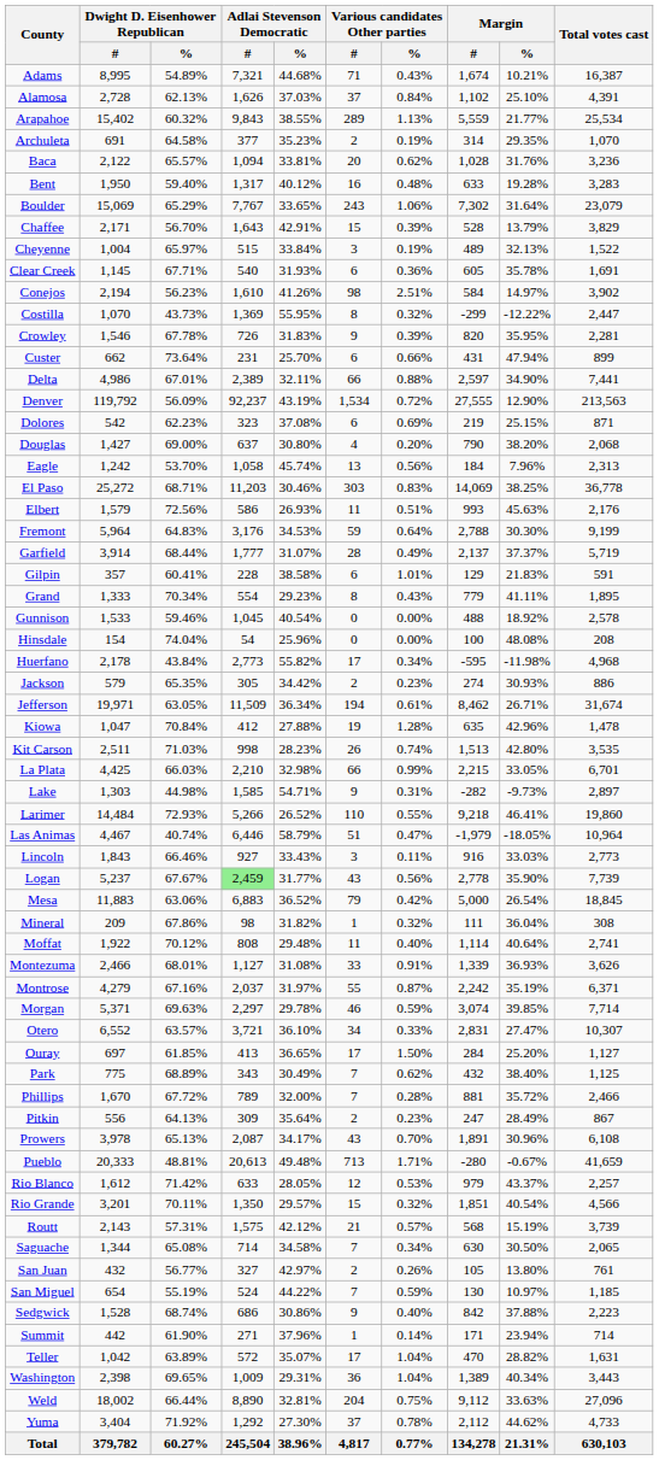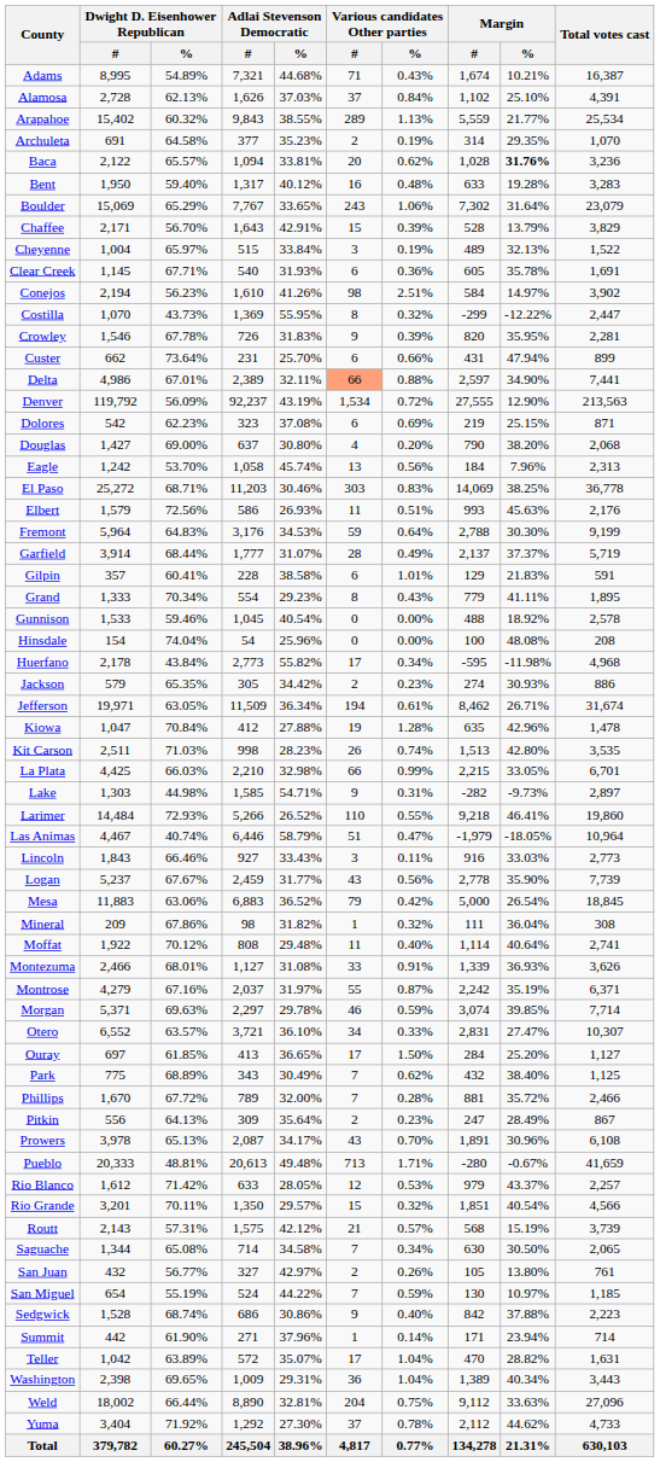 <table width="60%"  class="wikitable sortable" style="text-align:center">
 <tr>
 <th style="text-align:center;" rowspan="2">County</th>
 <th style="text-align:center;" colspan="2">Dwight D. Eisenhower<br>Republican</th>
 <th style="text-align:center;" colspan="2">Adlai Stevenson<br>Democratic</th>
 <th style="text-align:center;" colspan="2">Various candidates<br>Other parties</th>
 <th style="text-align:center;" colspan="2">Margin</th>
 <th style="text-align:center;" rowspan="2">Total votes cast</th>
 </tr>
 <tr>
 <th style="text-align:center;" data-sort-type="number">#</th>
 <th style="text-align:center;" data-sort-type="number">%</th>
 <th style="text-align:center;" data-sort-type="number">#</th>
 <th style="text-align:center;" data-sort-type="number">%</th>
 <th style="text-align:center;" data-sort-type="number">#</th>
 <th style="text-align:center;" data-sort-type="number">%</th>
 <th style="text-align:center;" data-sort-type="number">#</th>
 <th style="text-align:center;" data-sort-type="number">%</th>
 </tr>
 <tr style="text-align:center;">
 <td><a href='#'>Adams</a></td>
 <td>8,995</td>
 <td>54.89%</td>
 <td>7,321</td>
 <td>44.68%</td>
 <td>71</td>
 <td>0.43%</td>
 <td>1,674</td>
 <td>10.21%</td>
 <td>16,387</td>
 </tr>
 <tr style="text-align:center;">
 <td><a href='#'>Alamosa</a></td>
 <td>2,728</td>
 <td>62.13%</td>
 <td>1,626</td>
 <td>37.03%</td>
 <td>37</td>
 <td>0.84%</td>
 <td>1,102</td>
 <td>25.10%</td>
 <td>4,391</td>
 </tr>
 <tr style="text-align:center;">
 <td><a href='#'>Arapahoe</a></td>
 <td>15,402</td>
 <td>60.32%</td>
 <td>9,843</td>
 <td>38.55%</td>
 <td>289</td>
 <td>1.13%</td>
 <td>5,559</td>
 <td>21.77%</td>
 <td>25,534</td>
 </tr>
 <tr style="text-align:center;">
 <td><a href='#'>Archuleta</a></td>
 <td>691</td>
 <td>64.58%</td>
 <td>377</td>
 <td>35.23%</td>
 <td>2</td>
 <td>0.19%</td>
 <td>314</td>
 <td>29.35%</td>
 <td>1,070</td>
 </tr>
 <tr style="text-align:center;">
 <td><a href='#'>Baca</a></td>
 <td>2,122</td>
 <td>65.57%</td>
 <td>1,094</td>
 <td>33.81%</td>
 <td>20</td>
 <td>0.62%</td>
 <td>1,028</td>
-<td>31.76%</td>
+<td><strong>31.76%</strong></td>
 <td>3,236</td>
 </tr>
 <tr style="text-align:center;">
 <td><a href='#'>Bent</a></td>
 <td>1,950</td>
 <td>59.40%</td>
 <td>1,317</td>
 <td>40.12%</td>
 <td>16</td>
 <td>0.48%</td>
 <td>633</td>
 <td>19.28%</td>
 <td>3,283</td>
 </tr>
 <tr style="text-align:center;">
 <td><a href='#'>Boulder</a></td>
 <td>15,069</td>
 <td>65.29%</td>
 <td>7,767</td>
 <td>33.65%</td>
 <td>243</td>
 <td>1.06%</td>
 <td>7,302</td>
 <td>31.64%</td>
 <td>23,079</td>
 </tr>
 <tr style="text-align:center;">
 <td><a href='#'>Chaffee</a></td>
 <td>2,171</td>
 <td>56.70%</td>
 <td>1,643</td>
 <td>42.91%</td>
 <td>15</td>
 <td>0.39%</td>
 <td>528</td>
 <td>13.79%</td>
 <td>3,829</td>
 </tr>
 <tr style="text-align:center;">
 <td><a href='#'>Cheyenne</a></td>
 <td>1,004</td>
 <td>65.97%</td>
 <td>515</td>
 <td>33.84%</td>
 <td>3</td>
 <td>0.19%</td>
 <td>489</td>
 <td>32.13%</td>
 <td>1,522</td>
 </tr>
 <tr style="text-align:center;">
 <td><a href='#'>Clear Creek</a></td>
 <td>1,145</td>
 <td>67.71%</td>
 <td>540</td>
 <td>31.93%</td>
 <td>6</td>
 <td>0.36%</td>
 <td>605</td>
 <td>35.78%</td>
 <td>1,691</td>
 </tr>
 <tr style="text-align:center;">
 <td><a href='#'>Conejos</a></td>
 <td>2,194</td>
 <td>56.23%</td>
 <td>1,610</td>
 <td>41.26%</td>
 <td>98</td>
 <td>2.51%</td>
 <td>584</td>
 <td>14.97%</td>
 <td>3,902</td>
 </tr>
 <tr style="text-align:center;">
 <td><a href='#'>Costilla</a></td>
 <td>1,070</td>
 <td>43.73%</td>
 <td>1,369</td>
 <td>55.95%</td>
 <td>8</td>
 <td>0.32%</td>
 <td>-299</td>
 <td>-12.22%</td>
 <td>2,447</td>
 </tr>
 <tr style="text-align:center;">
 <td><a href='#'>Crowley</a></td>
 <td>1,546</td>
 <td>67.78%</td>
 <td>726</td>
 <td>31.83%</td>
 <td>9</td>
 <td>0.39%</td>
 <td>820</td>
 <td>35.95%</td>
 <td>2,281</td>
 </tr>
 <tr style="text-align:center;">
 <td><a href='#'>Custer</a></td>
 <td>662</td>
 <td>73.64%</td>
 <td>231</td>
 <td>25.70%</td>
 <td>6</td>
 <td>0.66%</td>
 <td>431</td>
 <td>47.94%</td>
 <td>899</td>
 </tr>
 <tr style="text-align:center;">
 <td><a href='#'>Delta</a></td>
 <td>4,986</td>
 <td>67.01%</td>
 <td>2,389</td>
 <td>32.11%</td>
-<td>66</td>
+<td style="background: lightsalmon;">66</td>
 <td>0.88%</td>
 <td>2,597</td>
 <td>34.90%</td>
 <td>7,441</td>
 </tr>
 <tr style="text-align:center;">
 <td><a href='#'>Denver</a></td>
 <td>119,792</td>
 <td>56.09%</td>
 <td>92,237</td>
 <td>43.19%</td>
 <td>1,534</td>
 <td>0.72%</td>
 <td>27,555</td>
 <td>12.90%</td>
 <td>213,563</td>
 </tr>
 <tr style="text-align:center;">
 <td><a href='#'>Dolores</a></td>
 <td>542</td>
 <td>62.23%</td>
 <td>323</td>
 <td>37.08%</td>
 <td>6</td>
 <td>0.69%</td>
 <td>219</td>
 <td>25.15%</td>
 <td>871</td>
 </tr>
 <tr style="text-align:center;">
 <td><a href='#'>Douglas</a></td>
 <td>1,427</td>
 <td>69.00%</td>
 <td>637</td>
 <td>30.80%</td>
 <td>4</td>
 <td>0.20%</td>
 <td>790</td>
 <td>38.20%</td>
 <td>2,068</td>
 </tr>
 <tr style="text-align:center;">
 <td><a href='#'>Eagle</a></td>
 <td>1,242</td>
 <td>53.70%</td>
 <td>1,058</td>
 <td>45.74%</td>
 <td>13</td>
 <td>0.56%</td>
 <td>184</td>
 <td>7.96%</td>
 <td>2,313</td>
 </tr>
 <tr style="text-align:center;">
 <td><a href='#'>El Paso</a></td>
 <td>25,272</td>
 <td>68.71%</td>
 <td>11,203</td>
 <td>30.46%</td>
 <td>303</td>
 <td>0.83%</td>
 <td>14,069</td>
 <td>38.25%</td>
 <td>36,778</td>
 </tr>
 <tr style="text-align:center;">
 <td><a href='#'>Elbert</a></td>
 <td>1,579</td>
 <td>72.56%</td>
 <td>586</td>
 <td>26.93%</td>
 <td>11</td>
 <td>0.51%</td>
 <td>993</td>
 <td>45.63%</td>
 <td>2,176</td>
 </tr>
 <tr style="text-align:center;">
 <td><a href='#'>Fremont</a></td>
 <td>5,964</td>
 <td>64.83%</td>
 <td>3,176</td>
 <td>34.53%</td>
 <td>59</td>
 <td>0.64%</td>
 <td>2,788</td>
 <td>30.30%</td>
 <td>9,199</td>
 </tr>
 <tr style="text-align:center;">
 <td><a href='#'>Garfield</a></td>
 <td>3,914</td>
 <td>68.44%</td>
 <td>1,777</td>
 <td>31.07%</td>
 <td>28</td>
 <td>0.49%</td>
 <td>2,137</td>
 <td>37.37%</td>
 <td>5,719</td>
 </tr>
 <tr style="text-align:center;">
 <td><a href='#'>Gilpin</a></td>
 <td>357</td>
 <td>60.41%</td>
 <td>228</td>
 <td>38.58%</td>
 <td>6</td>
 <td>1.01%</td>
 <td>129</td>
 <td>21.83%</td>
 <td>591</td>
 </tr>
 <tr style="text-align:center;">
 <td><a href='#'>Grand</a></td>
 <td>1,333</td>
 <td>70.34%</td>
 <td>554</td>
 <td>29.23%</td>
 <td>8</td>
 <td>0.43%</td>
 <td>779</td>
 <td>41.11%</td>
 <td>1,895</td>
 </tr>
 <tr style="text-align:center;">
 <td><a href='#'>Gunnison</a></td>
 <td>1,533</td>
 <td>59.46%</td>
 <td>1,045</td>
 <td>40.54%</td>
 <td>0</td>
 <td>0.00%</td>
 <td>488</td>
 <td>18.92%</td>
 <td>2,578</td>
 </tr>
 <tr style="text-align:center;">
 <td><a href='#'>Hinsdale</a></td>
 <td>154</td>
 <td>74.04%</td>
 <td>54</td>
 <td>25.96%</td>
 <td>0</td>
 <td>0.00%</td>
 <td>100</td>
 <td>48.08%</td>
 <td>208</td>
 </tr>
 <tr style="text-align:center;">
 <td><a href='#'>Huerfano</a></td>
 <td>2,178</td>
 <td>43.84%</td>
 <td>2,773</td>
 <td>55.82%</td>
 <td>17</td>
 <td>0.34%</td>
 <td>-595</td>
 <td>-11.98%</td>
 <td>4,968</td>
 </tr>
 <tr style="text-align:center;">
 <td><a href='#'>Jackson</a></td>
 <td>579</td>
 <td>65.35%</td>
 <td>305</td>
 <td>34.42%</td>
 <td>2</td>
 <td>0.23%</td>
 <td>274</td>
 <td>30.93%</td>
 <td>886</td>
 </tr>
 <tr style="text-align:center;">
 <td><a href='#'>Jefferson</a></td>
 <td>19,971</td>
 <td>63.05%</td>
 <td>11,509</td>
 <td>36.34%</td>
 <td>194</td>
 <td>0.61%</td>
 <td>8,462</td>
 <td>26.71%</td>
 <td>31,674</td>
 </tr>
 <tr style="text-align:center;">
 <td><a href='#'>Kiowa</a></td>
 <td>1,047</td>
 <td>70.84%</td>
 <td>412</td>
 <td>27.88%</td>
 <td>19</td>
 <td>1.28%</td>
 <td>635</td>
 <td>42.96%</td>
 <td>1,478</td>
 </tr>
 <tr style="text-align:center;">
 <td><a href='#'>Kit Carson</a></td>
 <td>2,511</td>
 <td>71.03%</td>
 <td>998</td>
 <td>28.23%</td>
 <td>26</td>
 <td>0.74%</td>
 <td>1,513</td>
 <td>42.80%</td>
 <td>3,535</td>
 </tr>
 <tr style="text-align:center;">
 <td><a href='#'>La Plata</a></td>
 <td>4,425</td>
 <td>66.03%</td>
 <td>2,210</td>
 <td>32.98%</td>
 <td>66</td>
 <td>0.99%</td>
 <td>2,215</td>
 <td>33.05%</td>
 <td>6,701</td>
 </tr>
 <tr style="text-align:center;">
 <td><a href='#'>Lake</a></td>
 <td>1,303</td>
 <td>44.98%</td>
 <td>1,585</td>
 <td>54.71%</td>
 <td>9</td>
 <td>0.31%</td>
 <td>-282</td>
 <td>-9.73%</td>
 <td>2,897</td>
 </tr>
 <tr style="text-align:center;">
 <td><a href='#'>Larimer</a></td>
 <td>14,484</td>
 <td>72.93%</td>
 <td>5,266</td>
 <td>26.52%</td>
 <td>110</td>
 <td>0.55%</td>
 <td>9,218</td>
 <td>46.41%</td>
 <td>19,860</td>
 </tr>
 <tr style="text-align:center;">
 <td><a href='#'>Las Animas</a></td>
 <td>4,467</td>
 <td>40.74%</td>
 <td>6,446</td>
 <td>58.79%</td>
 <td>51</td>
 <td>0.47%</td>
 <td>-1,979</td>
 <td>-18.05%</td>
 <td>10,964</td>
 </tr>
 <tr style="text-align:center;">
 <td><a href='#'>Lincoln</a></td>
 <td>1,843</td>
 <td>66.46%</td>
 <td>927</td>
 <td>33.43%</td>
 <td>3</td>
 <td>0.11%</td>
 <td>916</td>
 <td>33.03%</td>
 <td>2,773</td>
 </tr>
 <tr style="text-align:center;">
 <td><a href='#'>Logan</a></td>
 <td>5,237</td>
 <td>67.67%</td>
-<td style="background: lightgreen;">2,459</td>
+<td>2,459</td>
 <td>31.77%</td>
 <td>43</td>
 <td>0.56%</td>
 <td>2,778</td>
 <td>35.90%</td>
 <td>7,739</td>
 </tr>
 <tr style="text-align:center;">
 <td><a href='#'>Mesa</a></td>
 <td>11,883</td>
 <td>63.06%</td>
 <td>6,883</td>
 <td>36.52%</td>
 <td>79</td>
 <td>0.42%</td>
 <td>5,000</td>
 <td>26.54%</td>
 <td>18,845</td>
 </tr>
 <tr style="text-align:center;">
 <td><a href='#'>Mineral</a></td>
 <td>209</td>
 <td>67.86%</td>
 <td>98</td>
 <td>31.82%</td>
 <td>1</td>
 <td>0.32%</td>
 <td>111</td>
 <td>36.04%</td>
 <td>308</td>
 </tr>
 <tr style="text-align:center;">
 <td><a href='#'>Moffat</a></td>
 <td>1,922</td>
 <td>70.12%</td>
 <td>808</td>
 <td>29.48%</td>
 <td>11</td>
 <td>0.40%</td>
 <td>1,114</td>
 <td>40.64%</td>
 <td>2,741</td>
 </tr>
 <tr style="text-align:center;">
 <td><a href='#'>Montezuma</a></td>
 <td>2,466</td>
 <td>68.01%</td>
 <td>1,127</td>
 <td>31.08%</td>
 <td>33</td>
 <td>0.91%</td>
 <td>1,339</td>
 <td>36.93%</td>
 <td>3,626</td>
 </tr>
 <tr style="text-align:center;">
 <td><a href='#'>Montrose</a></td>
 <td>4,279</td>
 <td>67.16%</td>
 <td>2,037</td>
 <td>31.97%</td>
 <td>55</td>
 <td>0.87%</td>
 <td>2,242</td>
 <td>35.19%</td>
 <td>6,371</td>
 </tr>
 <tr style="text-align:center;">
 <td><a href='#'>Morgan</a></td>
 <td>5,371</td>
 <td>69.63%</td>
 <td>2,297</td>
 <td>29.78%</td>
 <td>46</td>
 <td>0.59%</td>
 <td>3,074</td>
 <td>39.85%</td>
 <td>7,714</td>
 </tr>
 <tr style="text-align:center;">
 <td><a href='#'>Otero</a></td>
 <td>6,552</td>
 <td>63.57%</td>
 <td>3,721</td>
 <td>36.10%</td>
 <td>34</td>
 <td>0.33%</td>
 <td>2,831</td>
 <td>27.47%</td>
 <td>10,307</td>
 </tr>
 <tr style="text-align:center;">
 <td><a href='#'>Ouray</a></td>
 <td>697</td>
 <td>61.85%</td>
 <td>413</td>
 <td>36.65%</td>
 <td>17</td>
 <td>1.50%</td>
 <td>284</td>
 <td>25.20%</td>
 <td>1,127</td>
 </tr>
 <tr style="text-align:center;">
 <td><a href='#'>Park</a></td>
 <td>775</td>
 <td>68.89%</td>
 <td>343</td>
 <td>30.49%</td>
 <td>7</td>
 <td>0.62%</td>
 <td>432</td>
 <td>38.40%</td>
 <td>1,125</td>
 </tr>
 <tr style="text-align:center;">
 <td><a href='#'>Phillips</a></td>
 <td>1,670</td>
 <td>67.72%</td>
 <td>789</td>
 <td>32.00%</td>
 <td>7</td>
 <td>0.28%</td>
 <td>881</td>
 <td>35.72%</td>
 <td>2,466</td>
 </tr>
 <tr style="text-align:center;">
 <td><a href='#'>Pitkin</a></td>
 <td>556</td>
 <td>64.13%</td>
 <td>309</td>
 <td>35.64%</td>
 <td>2</td>
 <td>0.23%</td>
 <td>247</td>
 <td>28.49%</td>
 <td>867</td>
 </tr>
 <tr style="text-align:center;">
 <td><a href='#'>Prowers</a></td>
 <td>3,978</td>
 <td>65.13%</td>
 <td>2,087</td>
 <td>34.17%</td>
 <td>43</td>
 <td>0.70%</td>
 <td>1,891</td>
 <td>30.96%</td>
 <td>6,108</td>
 </tr>
 <tr style="text-align:center;">
 <td><a href='#'>Pueblo</a></td>
 <td>20,333</td>
 <td>48.81%</td>
 <td>20,613</td>
 <td>49.48%</td>
 <td>713</td>
 <td>1.71%</td>
 <td>-280</td>
 <td>-0.67%</td>
 <td>41,659</td>
 </tr>
 <tr style="text-align:center;">
 <td><a href='#'>Rio Blanco</a></td>
 <td>1,612</td>
 <td>71.42%</td>
 <td>633</td>
 <td>28.05%</td>
 <td>12</td>
 <td>0.53%</td>
 <td>979</td>
 <td>43.37%</td>
 <td>2,257</td>
 </tr>
 <tr style="text-align:center;">
 <td><a href='#'>Rio Grande</a></td>
 <td>3,201</td>
 <td>70.11%</td>
 <td>1,350</td>
 <td>29.57%</td>
 <td>15</td>
 <td>0.32%</td>
 <td>1,851</td>
 <td>40.54%</td>
 <td>4,566</td>
 </tr>
 <tr style="text-align:center;">
 <td><a href='#'>Routt</a></td>
 <td>2,143</td>
 <td>57.31%</td>
 <td>1,575</td>
 <td>42.12%</td>
 <td>21</td>
 <td>0.57%</td>
 <td>568</td>
 <td>15.19%</td>
 <td>3,739</td>
 </tr>
 <tr style="text-align:center;">
 <td><a href='#'>Saguache</a></td>
 <td>1,344</td>
 <td>65.08%</td>
 <td>714</td>
 <td>34.58%</td>
 <td>7</td>
 <td>0.34%</td>
 <td>630</td>
 <td>30.50%</td>
 <td>2,065</td>
 </tr>
 <tr style="text-align:center;">
 <td><a href='#'>San Juan</a></td>
 <td>432</td>
 <td>56.77%</td>
 <td>327</td>
 <td>42.97%</td>
 <td>2</td>
 <td>0.26%</td>
 <td>105</td>
 <td>13.80%</td>
 <td>761</td>
 </tr>
 <tr style="text-align:center;">
 <td><a href='#'>San Miguel</a></td>
 <td>654</td>
 <td>55.19%</td>
 <td>524</td>
 <td>44.22%</td>
 <td>7</td>
 <td>0.59%</td>
 <td>130</td>
 <td>10.97%</td>
 <td>1,185</td>
 </tr>
 <tr style="text-align:center;">
 <td><a href='#'>Sedgwick</a></td>
 <td>1,528</td>
 <td>68.74%</td>
 <td>686</td>
 <td>30.86%</td>
 <td>9</td>
 <td>0.40%</td>
 <td>842</td>
 <td>37.88%</td>
 <td>2,223</td>
 </tr>
 <tr style="text-align:center;">
 <td><a href='#'>Summit</a></td>
 <td>442</td>
 <td>61.90%</td>
 <td>271</td>
 <td>37.96%</td>
 <td>1</td>
 <td>0.14%</td>
 <td>171</td>
 <td>23.94%</td>
 <td>714</td>
 </tr>
 <tr style="text-align:center;">
 <td><a href='#'>Teller</a></td>
 <td>1,042</td>
 <td>63.89%</td>
 <td>572</td>
 <td>35.07%</td>
 <td>17</td>
 <td>1.04%</td>
 <td>470</td>
 <td>28.82%</td>
 <td>1,631</td>
 </tr>
 <tr style="text-align:center;">
 <td><a href='#'>Washington</a></td>
 <td>2,398</td>
 <td>69.65%</td>
 <td>1,009</td>
 <td>29.31%</td>
 <td>36</td>
 <td>1.04%</td>
 <td>1,389</td>
 <td>40.34%</td>
 <td>3,443</td>
 </tr>
 <tr style="text-align:center;">
 <td><a href='#'>Weld</a></td>
 <td>18,002</td>
 <td>66.44%</td>
 <td>8,890</td>
 <td>32.81%</td>
 <td>204</td>
 <td>0.75%</td>
 <td>9,112</td>
 <td>33.63%</td>
 <td>27,096</td>
 </tr>
 <tr style="text-align:center;">
 <td><a href='#'>Yuma</a></td>
 <td>3,404</td>
 <td>71.92%</td>
 <td>1,292</td>
 <td>27.30%</td>
 <td>37</td>
 <td>0.78%</td>
 <td>2,112</td>
 <td>44.62%</td>
 <td>4,733</td>
 </tr>
 <tr>
 <th>Total</th>
 <th>379,782</th>
 <th>60.27%</th>
 <th>245,504</th>
 <th>38.96%</th>
 <th>4,817</th>
 <th>0.77%</th>
 <th>134,278</th>
 <th>21.31%</th>
 <th>630,103</th>
 </tr>
 </table>
